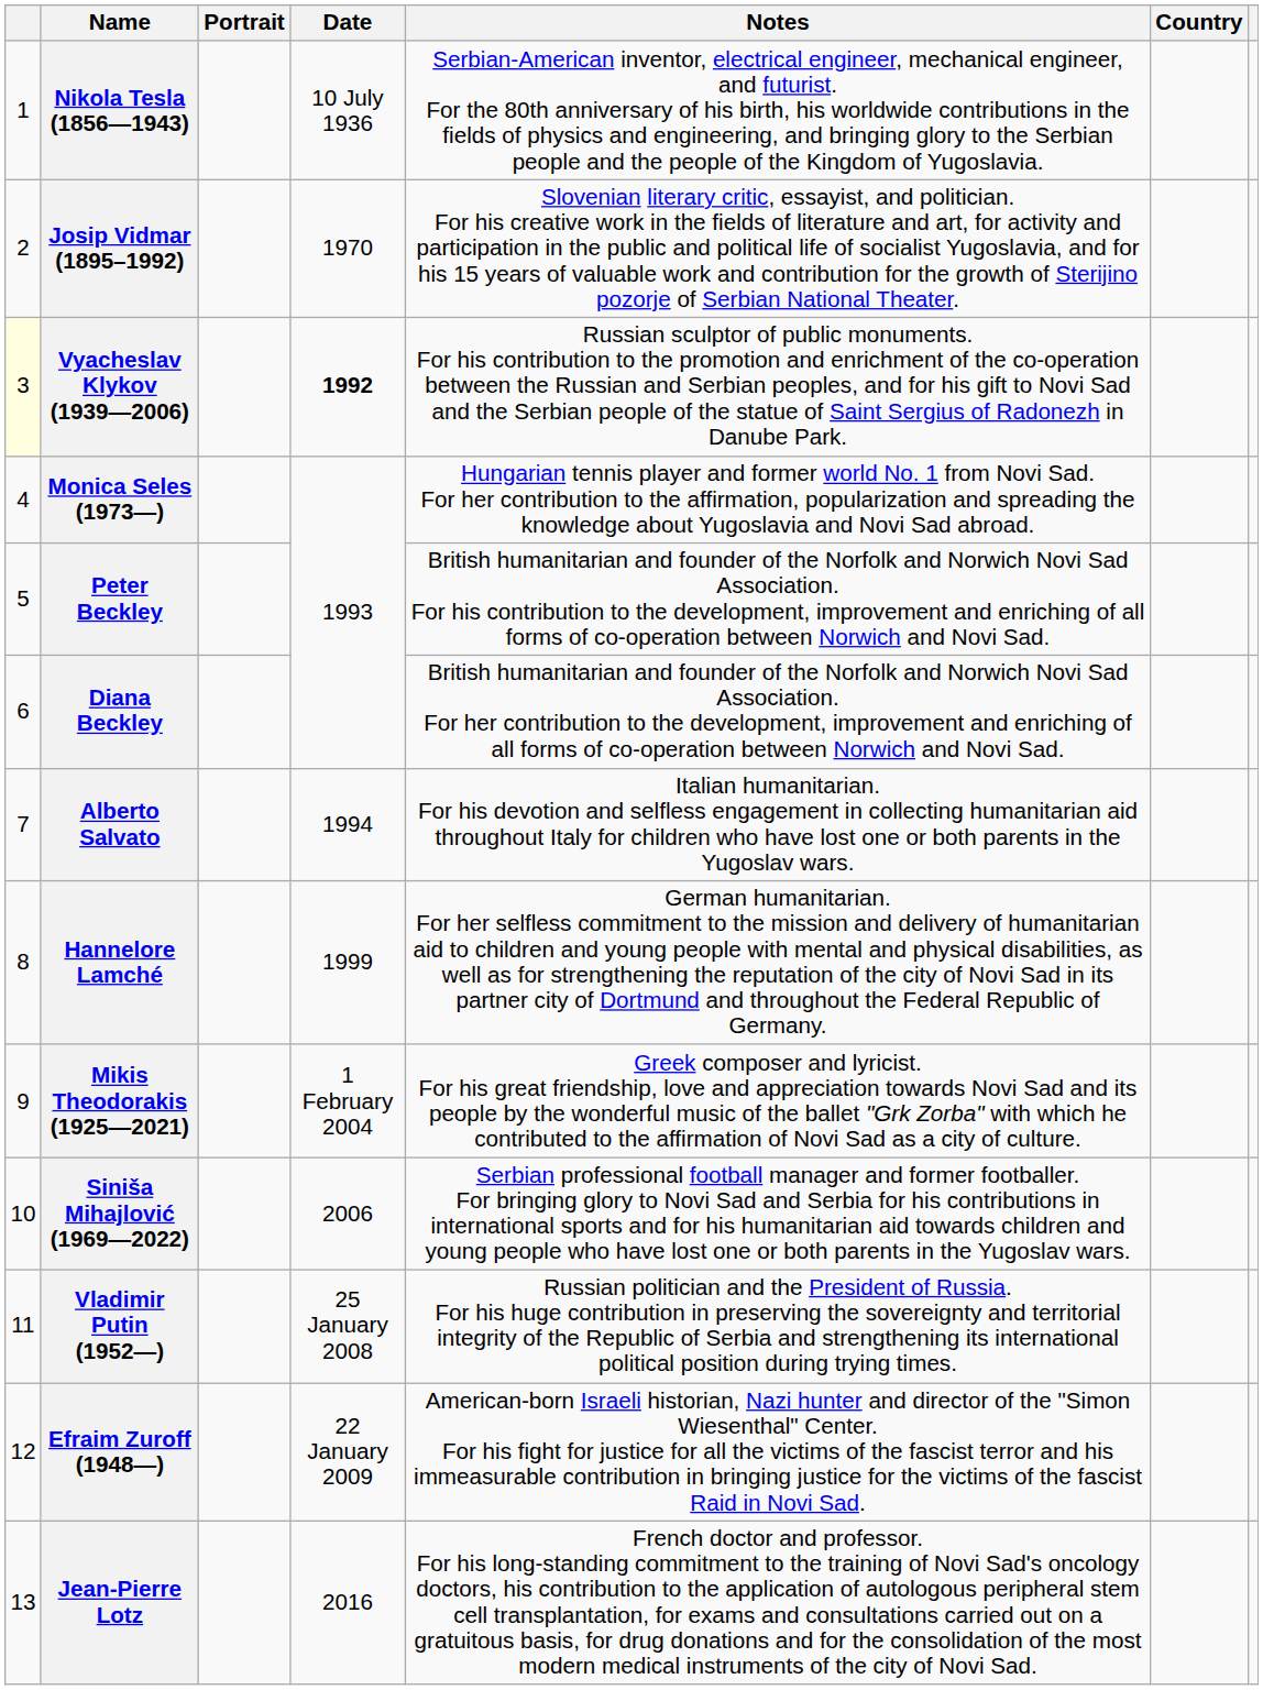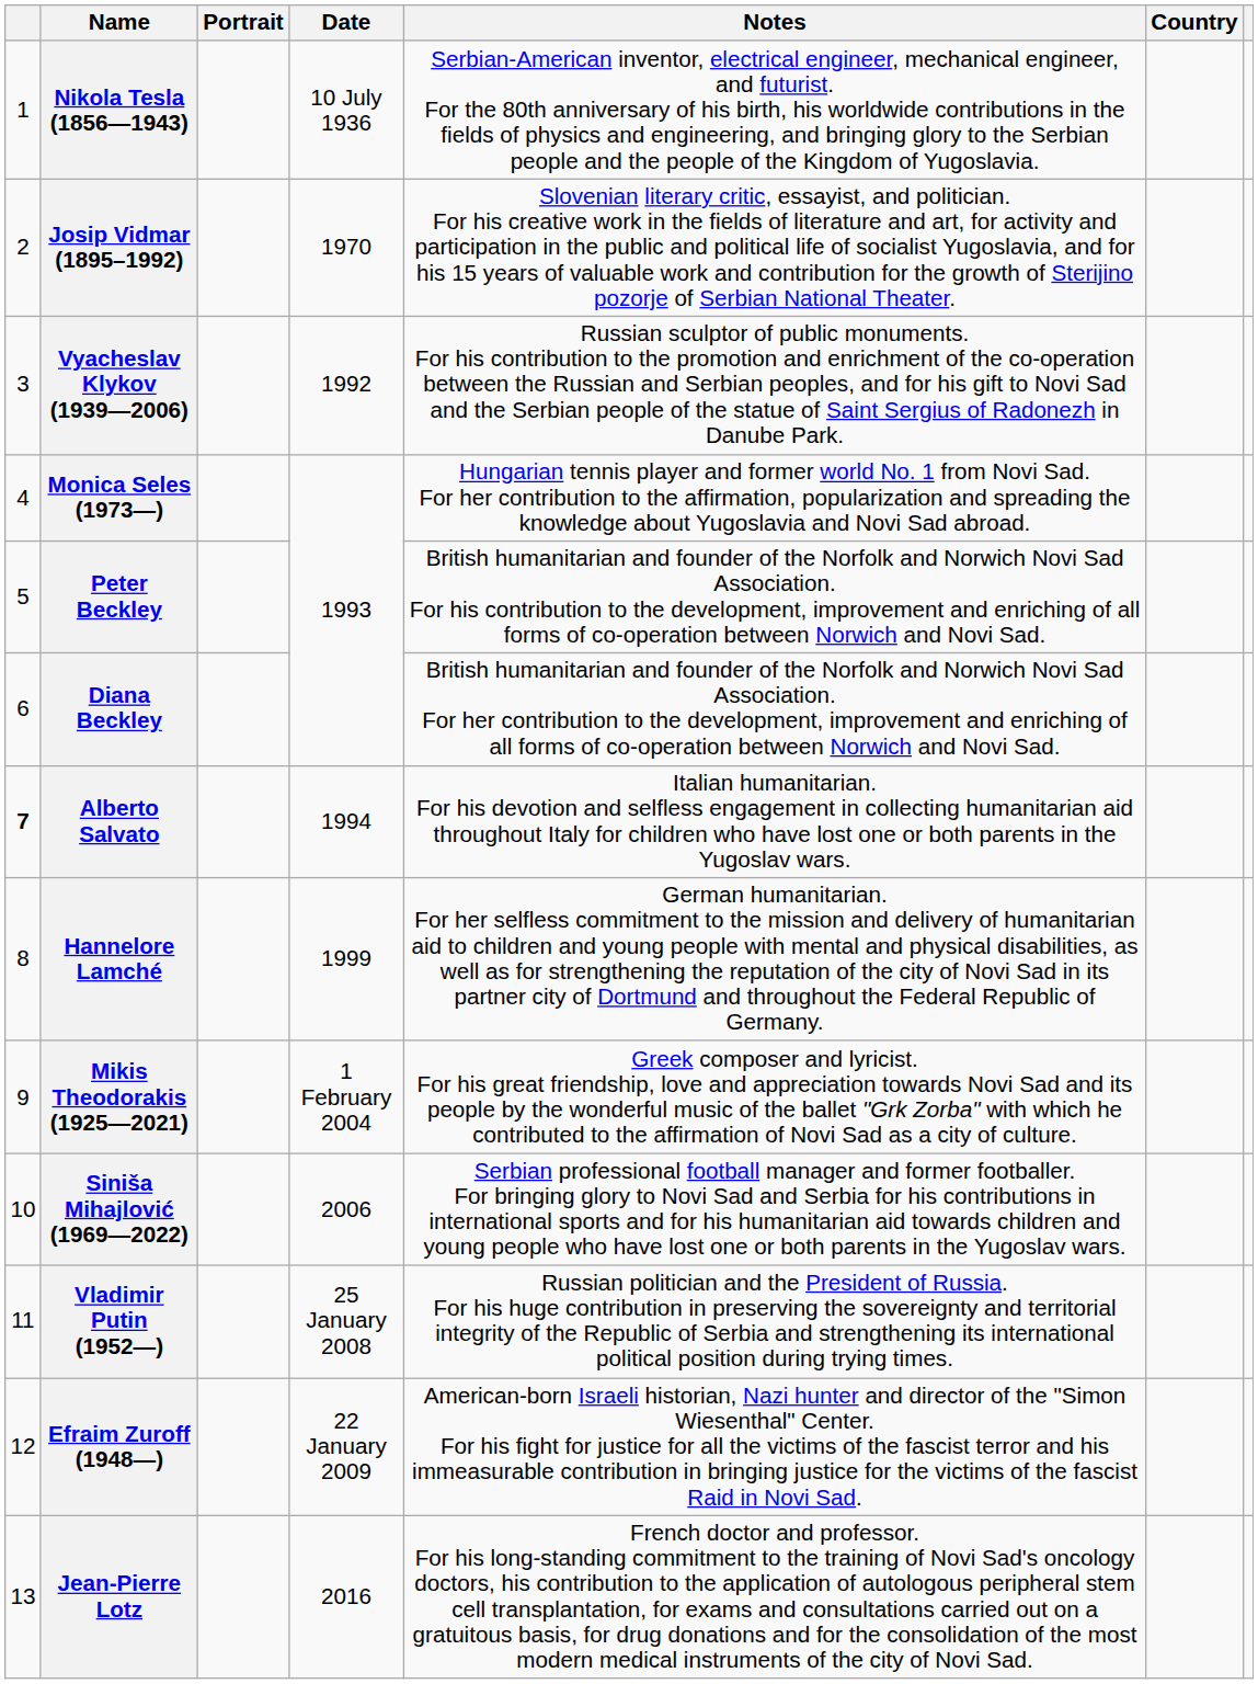 <table class="wikitable plainrowheaders sortable" style="width: 100%; text-align:center">
 <tr>
 <th scope="col"></th>
 <th scope="col">Name</th>
 <th scope="col" class="unsortable">Portrait</th>
 <th scope="col">Date</th>
 <th scope="col" class="unsortable">Notes</th>
 <th scope="col">Country</th>
 <th scope="col" class="unsortable"></th>
 </tr>
 <tr>
 <td>1</td>
 <th scope="row" style="text-align:center"><a href='#'>Nikola Tesla</a><br>(1856—1943)</th>
 <td></td>
 <td>10 July 1936</td>
 <td><a href='#'>Serbian-American</a> inventor, <a href='#'>electrical engineer</a>, mechanical engineer, and <a href='#'>futurist</a>.<br>For the 80th anniversary of his birth, his worldwide contributions in the fields of physics and engineering, and bringing glory to the Serbian people and the people of the Kingdom of Yugoslavia.</td>
 <td></td>
 <td></td>
 </tr>
 <tr>
 <td>2</td>
 <th scope="row" style="text-align:center"><a href='#'>Josip Vidmar</a><br>(1895–1992)</th>
 <td></td>
 <td>1970</td>
 <td><a href='#'>Slovenian</a> <a href='#'>literary critic</a>, essayist, and politician.<br>For his creative work in the fields of literature and art, for activity and participation in the public and political life of socialist Yugoslavia, and for his 15 years of valuable work and contribution for the growth of <a href='#'>Sterijino pozorje</a> of <a href='#'>Serbian National Theater</a>.</td>
 <td></td>
 <td></td>
 </tr>
 <tr>
-<td style="background: lightyellow;">3</td>
+<td>3</td>
 <th scope="row" style="text-align:center"><a href='#'>Vyacheslav Klykov</a><br>(1939—2006)</th>
 <td></td>
-<td><strong>1992</strong></td>
+<td>1992</td>
 <td>Russian sculptor of public monuments.<br>For his contribution to the promotion and enrichment of the co-operation between the Russian and Serbian peoples, and for his gift to Novi Sad and the Serbian people of the statue of <a href='#'>Saint Sergius of Radonezh</a> in Danube Park.</td>
 <td></td>
 <td></td>
 </tr>
 <tr>
 <td>4</td>
 <th scope="row" style="text-align:center"><a href='#'>Monica Seles</a><br>(1973—)</th>
 <td></td>
 <td rowspan=3>1993</td>
 <td><a href='#'>Hungarian</a> tennis player and former <a href='#'>world No. 1</a> from Novi Sad.<br>For her contribution to the affirmation, popularization and spreading the knowledge about Yugoslavia and Novi Sad abroad.</td>
 <td></td>
 <td></td>
 </tr>
 <tr>
 <td>5</td>
 <th scope="row" style="text-align:center"><a href='#'>Peter Beckley</a></th>
 <td></td>
 <td>British humanitarian and founder of the Norfolk and Norwich Novi Sad Association.<br>For his contribution to the development, improvement and enriching of all forms of co-operation between <a href='#'>Norwich</a> and Novi Sad.</td>
 <td></td>
 <td></td>
 </tr>
 <tr>
 <td>6</td>
 <th scope="row" style="text-align:center"><a href='#'>Diana Beckley</a></th>
 <td></td>
 <td>British humanitarian and founder of the Norfolk and Norwich Novi Sad Association.<br>For her contribution to the development, improvement and enriching of all forms of co-operation between <a href='#'>Norwich</a> and Novi Sad.</td>
 <td></td>
 <td></td>
 </tr>
 <tr>
-<td>7</td>
+<td><strong>7</strong></td>
 <th scope="row" style="text-align:center"><a href='#'>Alberto Salvato</a></th>
 <td></td>
 <td>1994</td>
 <td>Italian humanitarian.<br>For his devotion and selfless engagement in collecting humanitarian aid throughout Italy for children who have lost one or both parents in the Yugoslav wars.</td>
 <td></td>
 <td></td>
 </tr>
 <tr>
 <td>8</td>
 <th scope="row" style="text-align:center"><a href='#'>Hannelore Lamché</a></th>
 <td></td>
 <td>1999</td>
 <td>German humanitarian.<br>For her selfless commitment to the mission and delivery of humanitarian aid to children and young people with mental and physical disabilities, as well as for strengthening the reputation of the city of Novi Sad in its partner city of <a href='#'>Dortmund</a> and throughout the Federal Republic of Germany.</td>
 <td></td>
 <td></td>
 </tr>
 <tr>
 <td>9</td>
 <th scope="row" style="text-align:center"><a href='#'>Mikis Theodorakis</a><br>(1925—2021)</th>
 <td></td>
 <td>1 February 2004</td>
 <td><a href='#'>Greek</a> composer and lyricist.<br>For his great friendship, love and appreciation towards Novi Sad and its people by the wonderful music of the ballet <em>"Grk Zorba"</em> with which he contributed to the affirmation of Novi Sad as a city of culture.</td>
 <td></td>
 <td></td>
 </tr>
 <tr>
 <td>10</td>
 <th scope="row" style="text-align:center"><a href='#'>Siniša Mihajlović</a><br>(1969—2022)</th>
 <td></td>
 <td>2006</td>
 <td><a href='#'>Serbian</a> professional <a href='#'>football</a> manager and former footballer.<br>For bringing glory to Novi Sad and Serbia for his contributions in international sports and for his humanitarian aid towards children and young people who have lost one or both parents in the Yugoslav wars.</td>
 <td></td>
 <td></td>
 </tr>
 <tr>
 <td>11</td>
 <th scope="row" style="text-align:center"><a href='#'>Vladimir Putin</a><br>(1952—)</th>
 <td></td>
 <td>25 January 2008</td>
 <td>Russian politician and the <a href='#'>President of Russia</a>.<br>For his huge contribution in preserving the sovereignty and territorial integrity of the Republic of Serbia and strengthening its international political position during trying times.</td>
 <td></td>
 <td></td>
 </tr>
 <tr>
 <td>12</td>
 <th scope="row" style="text-align:center"><a href='#'>Efraim Zuroff</a><br>(1948—)</th>
 <td></td>
 <td>22 January 2009</td>
 <td>American-born <a href='#'>Israeli</a> historian, <a href='#'>Nazi hunter</a> and director of the "Simon Wiesenthal" Center.<br>For his fight for justice for all the victims of the fascist terror and his immeasurable contribution in bringing justice for the victims of the fascist <a href='#'>Raid in Novi Sad</a>.</td>
 <td><br></td>
 <td></td>
 </tr>
 <tr>
 <td>13</td>
 <th scope="row" style="text-align:center"><a href='#'>Jean-Pierre Lotz</a></th>
 <td></td>
 <td>2016</td>
 <td>French doctor and professor.<br>For his long-standing commitment to the training of Novi Sad's oncology doctors, his contribution to the application of autologous peripheral stem cell transplantation, for exams and consultations carried out on a gratuitous basis, for drug donations and for the consolidation of the most modern medical instruments of the city of Novi Sad.</td>
 <td></td>
 <td></td>
 </tr>
 </table>
